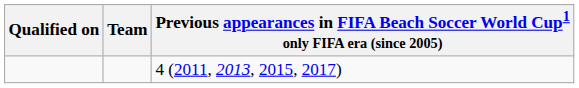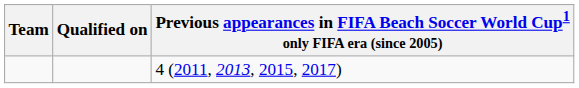 <table class="wikitable sortable">
 <tr>
+<th>Team</th>
 <th>Qualified on</th>
-<th>Team</th>
 <th data-sort-type="number">Previous <a href='#'>appearances</a> in <a href='#'>FIFA Beach Soccer World Cup</a><sup><strong><a href='#'>1</a></strong></sup><br><small>only FIFA era (since 2005)</small></th>
 </tr>
 <tr>
 <td></td>
 <td></td>
 <td>4 (<a href='#'>2011</a>, <em><a href='#'>2013</a></em>, <a href='#'>2015</a>, <a href='#'>2017</a>)</td>
 </tr>
 </table>
